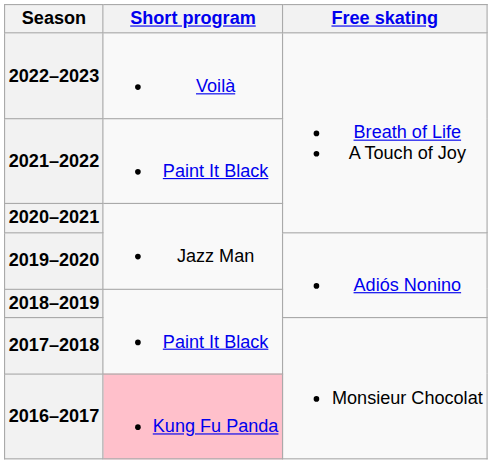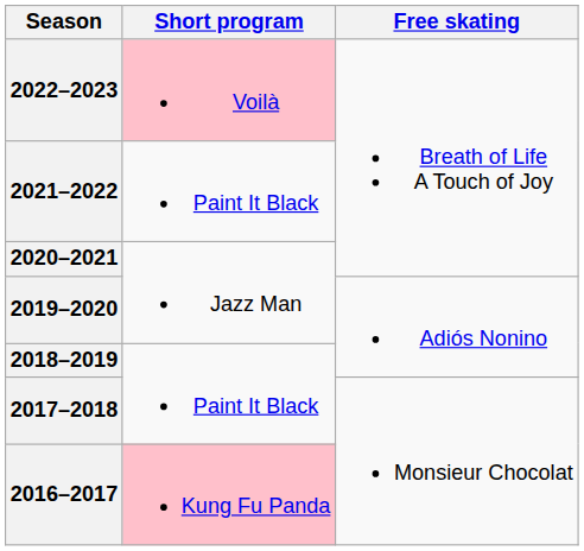 <table class="wikitable" style="text-align:center">
 <tr>
 <th>Season</th>
 <th><a href='#'>Short program</a></th>
 <th><a href='#'>Free skating</a></th>
 </tr>
 <tr>
 <th>2022–2023 <br> </th>
-<td><br><ul><li><a href='#'>Voilà</a> <br> </li></ul></td>
+<td style="background: pink;"><br><ul><li><a href='#'>Voilà</a> <br> </li></ul></td>
 <td rowspan=3><br><ul><li><a href='#'>Breath of Life</a> <br> </li><li>A Touch of Joy <br></li></ul></td>
 </tr>
 <tr>
 <th>2021–2022 <br> </th>
 <td><br><ul><li><a href='#'>Paint It Black</a> <br> </li></ul></td>
 </tr>
 <tr>
 <th>2020–2021 <br> </th>
 <td rowspan=2><br><ul><li>Jazz Man <br> </li></ul></td>
 </tr>
 <tr>
 <th>2019–2020 <br> </th>
 <td rowspan=2><br><ul><li><a href='#'>Adiós Nonino</a> <br> </li></ul></td>
 </tr>
 <tr>
 <th>2018–2019 <br> </th>
 <td rowspan=2><br><ul><li><a href='#'>Paint It Black</a> <br> </li></ul></td>
 </tr>
 <tr>
 <th>2017–2018 <br> </th>
 <td rowspan=2><br><ul><li>Monsieur Chocolat <br> </li></ul></td>
 </tr>
 <tr>
 <th>2016–2017 <br> </th>
 <td style="background: pink;"><br><ul><li><a href='#'>Kung Fu Panda</a> <br> </li></ul></td>
 </tr>
 </table>
